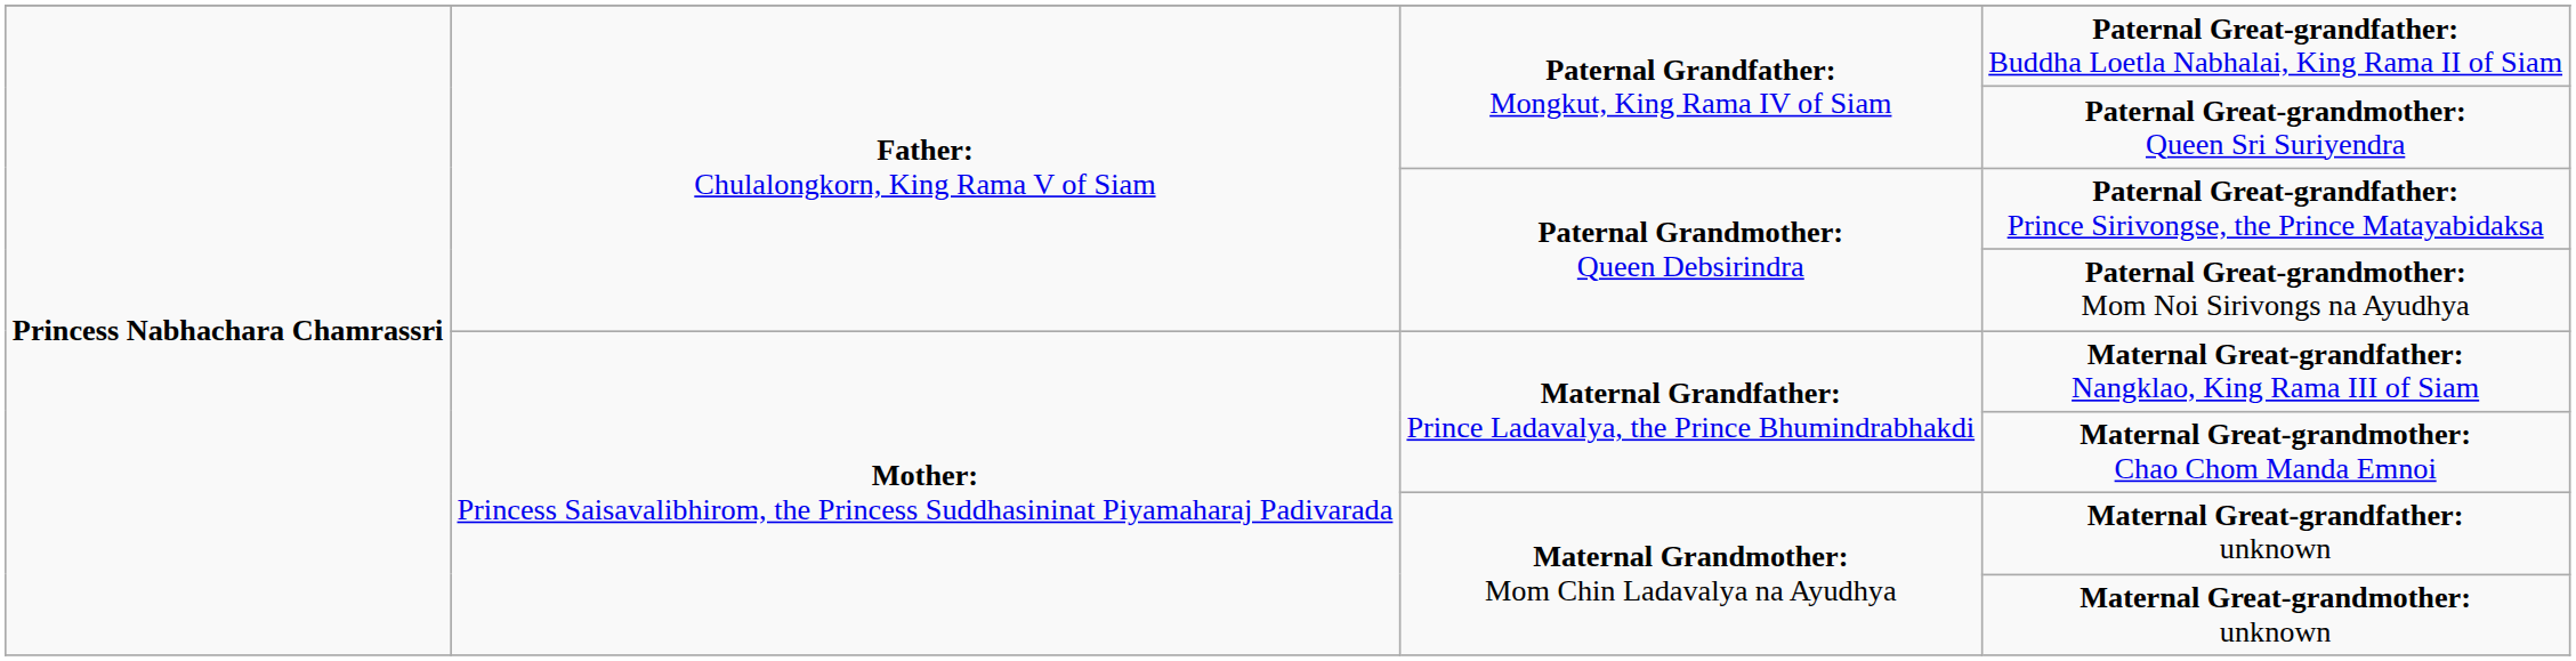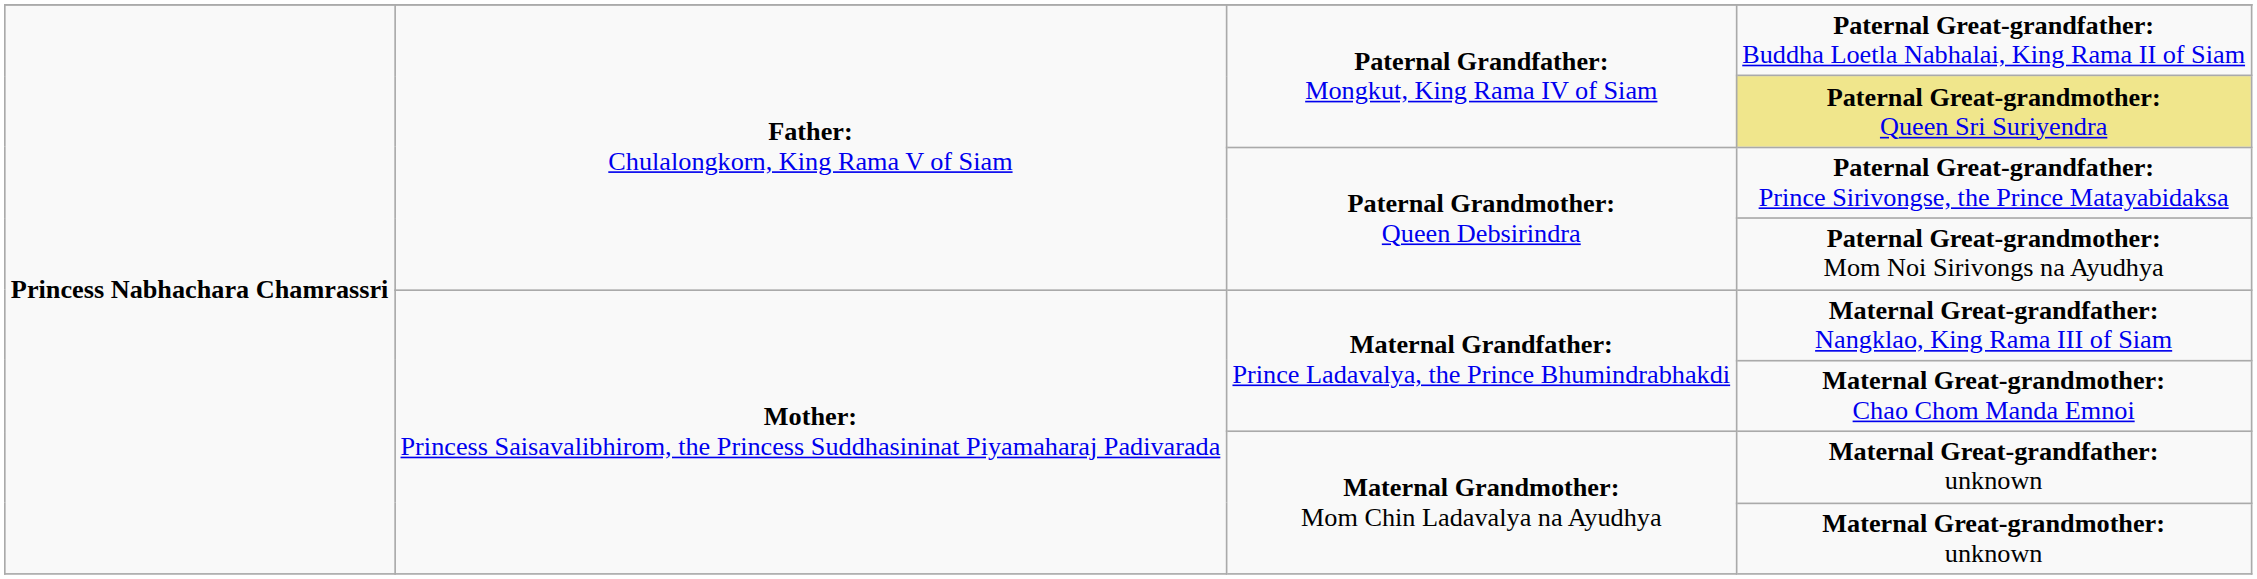 <table class="wikitable">
 <tr>
 </tr>
 <tr>
 <td rowspan="8" align="center"><strong>Princess Nabhachara Chamrassri</strong></td>
 <td rowspan="4" align="center"><strong>Father:</strong><br><a href='#'>Chulalongkorn, King Rama V of Siam</a></td>
 <td rowspan="2" align="center"><strong>Paternal Grandfather:</strong><br><a href='#'>Mongkut, King Rama IV of Siam</a></td>
 <td align = "center"><strong>Paternal Great-grandfather:</strong><br><a href='#'>Buddha Loetla Nabhalai, King Rama II of Siam</a></td>
 </tr>
 <tr>
-<td align = "center"><strong>Paternal Great-grandmother:</strong><br><a href='#'>Queen Sri Suriyendra</a></td>
+<td align = "center" style="background: khaki;"><strong>Paternal Great-grandmother:</strong><br><a href='#'>Queen Sri Suriyendra</a></td>
 </tr>
 <tr>
 <td rowspan="2" align="center"><strong>Paternal Grandmother:</strong><br><a href='#'>Queen Debsirindra</a></td>
 <td align = "center"><strong>Paternal Great-grandfather:</strong><br><a href='#'>Prince Sirivongse, the Prince Matayabidaksa</a></td>
 </tr>
 <tr>
 <td align = "center"><strong>Paternal Great-grandmother:</strong><br>Mom Noi Sirivongs na Ayudhya</td>
 </tr>
 <tr>
 <td rowspan="4" align="center"><strong>Mother:</strong><br><a href='#'>Princess Saisavalibhirom, the Princess Suddhasininat Piyamaharaj Padivarada</a></td>
 <td rowspan="2" align="center"><strong>Maternal Grandfather:</strong><br><a href='#'>Prince Ladavalya, the Prince Bhumindrabhakdi</a></td>
 <td align = "center"><strong>Maternal Great-grandfather:</strong><br><a href='#'>Nangklao, King Rama III of Siam</a></td>
 </tr>
 <tr>
 <td align = "center"><strong>Maternal Great-grandmother:</strong><br><a href='#'>Chao Chom Manda Emnoi</a></td>
 </tr>
 <tr>
 <td rowspan="2" align="center"><strong>Maternal Grandmother:</strong><br>Mom Chin Ladavalya na Ayudhya</td>
 <td align = "center"><strong>Maternal Great-grandfather:</strong><br>unknown</td>
 </tr>
 <tr>
 <td align = "center"><strong>Maternal Great-grandmother:</strong><br>unknown</td>
 </tr>
 </table>
